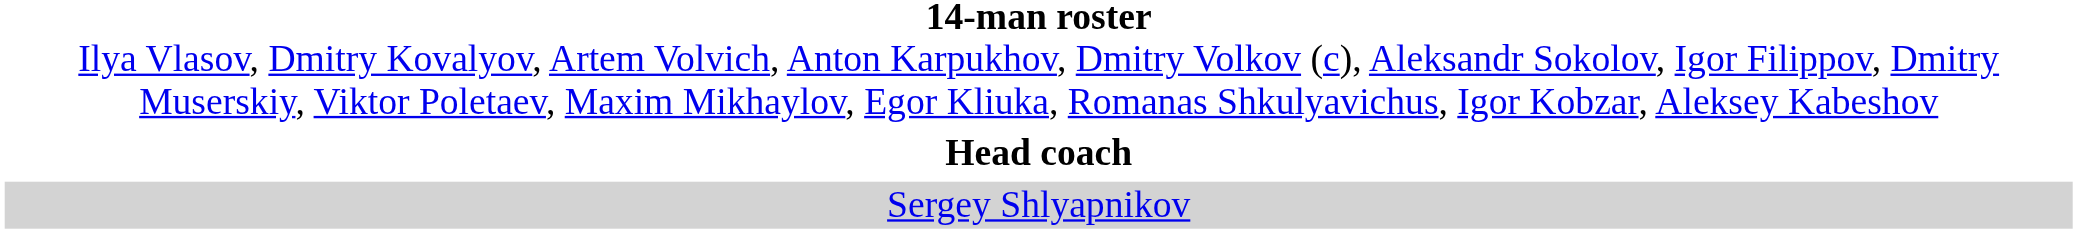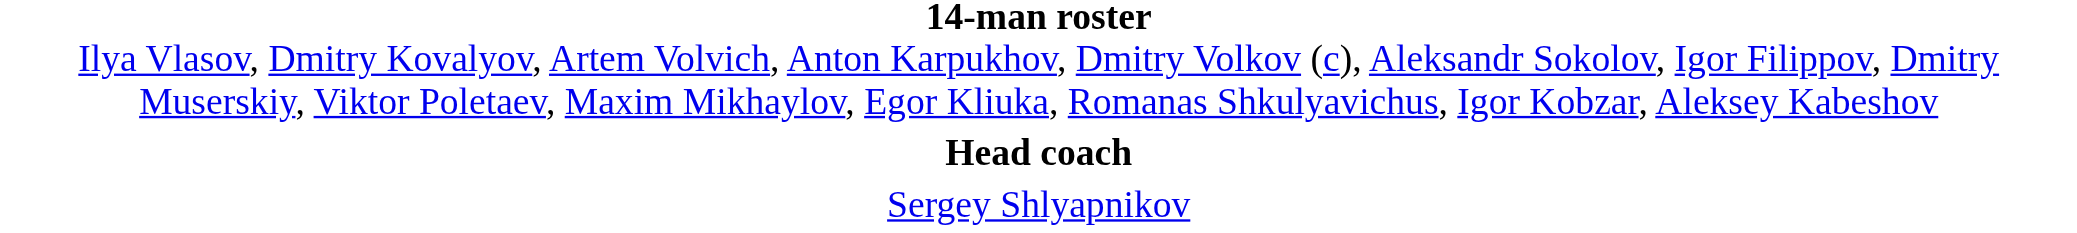 <table style="text-align:center; margin-top:2em; margin-left:auto; margin-right:auto">
 <tr>
 <td><strong>14-man roster</strong><br><a href='#'>Ilya Vlasov</a>, <a href='#'>Dmitry Kovalyov</a>, <a href='#'>Artem Volvich</a>, <a href='#'>Anton Karpukhov</a>, <a href='#'>Dmitry Volkov</a> (<a href='#'>c</a>), <a href='#'>Aleksandr Sokolov</a>, <a href='#'>Igor Filippov</a>, <a href='#'>Dmitry Muserskiy</a>, <a href='#'>Viktor Poletaev</a>, <a href='#'>Maxim Mikhaylov</a>, <a href='#'>Egor Kliuka</a>, <a href='#'>Romanas Shkulyavichus</a>, <a href='#'>Igor Kobzar</a>, <a href='#'>Aleksey Kabeshov</a></td>
 </tr>
 <tr>
 <td><strong>Head coach</strong></td>
 </tr>
 <tr>
-<td style="background: lightgrey;"><a href='#'>Sergey Shlyapnikov</a></td>
+<td><a href='#'>Sergey Shlyapnikov</a></td>
 </tr>
 </table>
